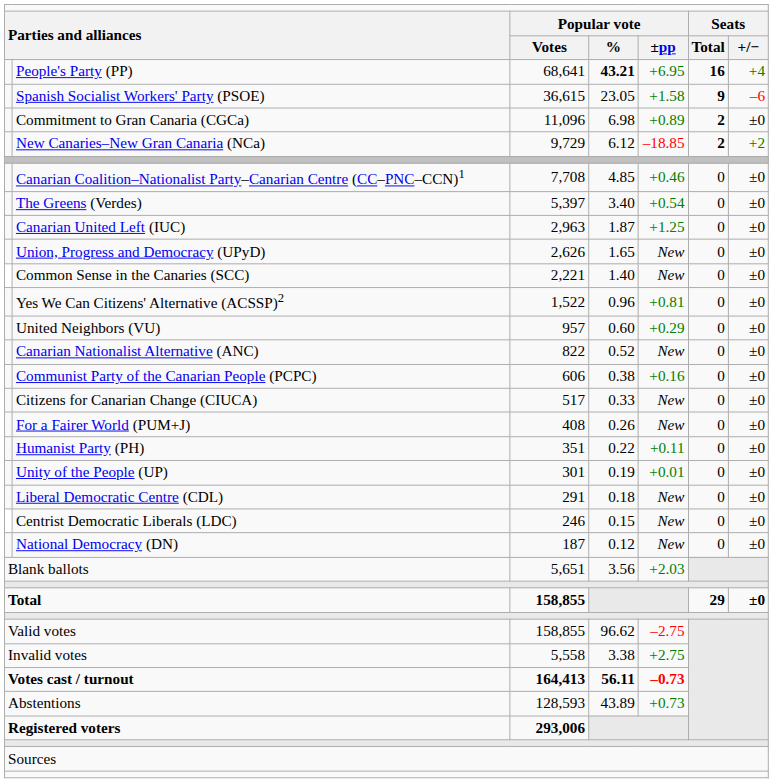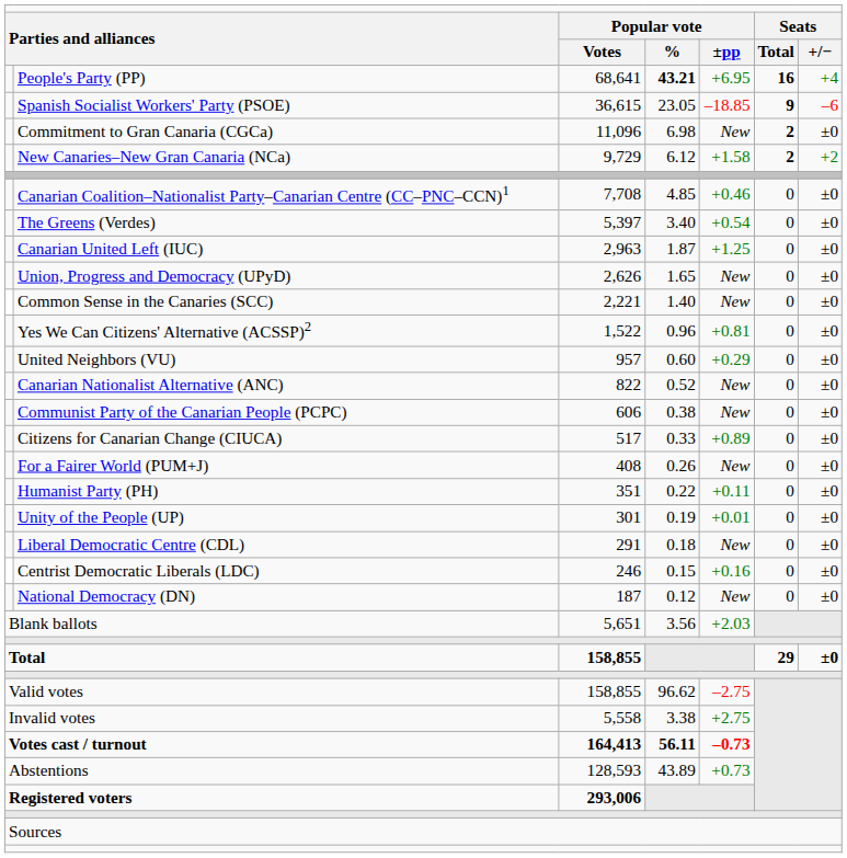 <table class="wikitable" style="text-align:right;">
 <tr>
 <td colspan="7"></td>
 </tr>
 <tr>
 <th style="text-align:left;" rowspan="2" colspan="2" width="525">Parties and alliances</th>
 <th colspan="3">Popular vote</th>
 <th colspan="2">Seats</th>
 </tr>
 <tr>
 <th width="75">Votes</th>
 <th width="45">%</th>
 <th width="45">±<a href='#'>pp</a></th>
 <th width="35">Total</th>
 <th width="35">+/−</th>
 </tr>
 <tr>
 <td width="1" style="color:inherit;background:"></td>
 <td align="left"><a href='#'>People's Party</a> (PP)</td>
 <td>68,641</td>
 <td><strong>43.21</strong></td>
 <td style="color:green;">+6.95</td>
 <td><strong>16</strong></td>
 <td style="color:green;">+4</td>
 </tr>
 <tr>
 <td style="color:inherit;background:"></td>
 <td align="left"><a href='#'>Spanish Socialist Workers' Party</a> (PSOE)</td>
 <td>36,615</td>
 <td>23.05</td>
-<td style="color:green;">+1.58</td>
+<td style="color:red;">–18.85</td>
 <td><strong>9</strong></td>
 <td style="color:red;">–6</td>
 </tr>
 <tr>
 <td style="color:inherit;background:"></td>
 <td align="left">Commitment to Gran Canaria (CGCa)</td>
 <td>11,096</td>
 <td>6.98</td>
-<td style="color:green;">+0.89</td>
+<td><em>New</em></td>
 <td><strong>2</strong></td>
 <td>±0</td>
 </tr>
 <tr>
 <td style="color:inherit;background:"></td>
 <td align="left"><a href='#'>New Canaries–New Gran Canaria</a> (NCa)</td>
 <td>9,729</td>
 <td>6.12</td>
-<td style="color:red;">–18.85</td>
+<td style="color:green;">+1.58</td>
 <td><strong>2</strong></td>
 <td style="color:green;">+2</td>
 </tr>
 <tr>
 <td colspan="7" bgcolor="#C0C0C0"></td>
 </tr>
 <tr>
 <td style="color:inherit;background:"></td>
 <td align="left"><a href='#'>Canarian Coalition–Nationalist Party</a>–<a href='#'>Canarian Centre</a> (<a href='#'>CC</a>–<a href='#'>PNC</a>–CCN)<sup>1</sup></td>
 <td>7,708</td>
 <td>4.85</td>
 <td style="color:green;">+0.46</td>
 <td>0</td>
 <td>±0</td>
 </tr>
 <tr>
 <td style="color:inherit;background:"></td>
 <td align="left"><a href='#'>The Greens</a> (Verdes)</td>
 <td>5,397</td>
 <td>3.40</td>
 <td style="color:green;">+0.54</td>
 <td>0</td>
 <td>±0</td>
 </tr>
 <tr>
 <td style="color:inherit;background:"></td>
 <td align="left"><a href='#'>Canarian United Left</a> (IUC)</td>
 <td>2,963</td>
 <td>1.87</td>
 <td style="color:green;">+1.25</td>
 <td>0</td>
 <td>±0</td>
 </tr>
 <tr>
 <td style="color:inherit;background:"></td>
 <td align="left"><a href='#'>Union, Progress and Democracy</a> (UPyD)</td>
 <td>2,626</td>
 <td>1.65</td>
 <td><em>New</em></td>
 <td>0</td>
 <td>±0</td>
 </tr>
 <tr>
 <td bgcolor="white"></td>
 <td align="left">Common Sense in the Canaries (SCC)</td>
 <td>2,221</td>
 <td>1.40</td>
 <td><em>New</em></td>
 <td>0</td>
 <td>±0</td>
 </tr>
 <tr>
 <td style="color:inherit;background:"></td>
 <td align="left">Yes We Can Citizens' Alternative (ACSSP)<sup>2</sup></td>
 <td>1,522</td>
 <td>0.96</td>
 <td style="color:green;">+0.81</td>
 <td>0</td>
 <td>±0</td>
 </tr>
 <tr>
 <td style="color:inherit;background:"></td>
 <td align="left">United Neighbors (VU)</td>
 <td>957</td>
 <td>0.60</td>
 <td style="color:green;">+0.29</td>
 <td>0</td>
 <td>±0</td>
 </tr>
 <tr>
 <td style="color:inherit;background:"></td>
 <td align="left"><a href='#'>Canarian Nationalist Alternative</a> (ANC)</td>
 <td>822</td>
 <td>0.52</td>
 <td><em>New</em></td>
 <td>0</td>
 <td>±0</td>
 </tr>
 <tr>
 <td style="color:inherit;background:"></td>
 <td align="left"><a href='#'>Communist Party of the Canarian People</a> (PCPC)</td>
 <td>606</td>
 <td>0.38</td>
-<td style="color:green;">+0.16</td>
+<td><em>New</em></td>
 <td>0</td>
 <td>±0</td>
 </tr>
 <tr>
 <td style="color:inherit;background:"></td>
 <td align="left">Citizens for Canarian Change (CIUCA)</td>
 <td>517</td>
 <td>0.33</td>
-<td><em>New</em></td>
+<td style="color:green;">+0.89</td>
 <td>0</td>
 <td>±0</td>
 </tr>
 <tr>
 <td style="color:inherit;background:"></td>
 <td align="left"><a href='#'>For a Fairer World</a> (PUM+J)</td>
 <td>408</td>
 <td>0.26</td>
 <td><em>New</em></td>
 <td>0</td>
 <td>±0</td>
 </tr>
 <tr>
 <td style="color:inherit;background:"></td>
 <td align="left"><a href='#'>Humanist Party</a> (PH)</td>
 <td>351</td>
 <td>0.22</td>
 <td style="color:green;">+0.11</td>
 <td>0</td>
 <td>±0</td>
 </tr>
 <tr>
 <td style="color:inherit;background:"></td>
 <td align="left"><a href='#'>Unity of the People</a> (UP)</td>
 <td>301</td>
 <td>0.19</td>
 <td style="color:green;">+0.01</td>
 <td>0</td>
 <td>±0</td>
 </tr>
 <tr>
 <td style="color:inherit;background:"></td>
 <td align="left"><a href='#'>Liberal Democratic Centre</a> (CDL)</td>
 <td>291</td>
 <td>0.18</td>
 <td><em>New</em></td>
 <td>0</td>
 <td>±0</td>
 </tr>
 <tr>
 <td bgcolor="white"></td>
 <td align="left">Centrist Democratic Liberals (LDC)</td>
 <td>246</td>
 <td>0.15</td>
-<td><em>New</em></td>
+<td style="color:green;">+0.16</td>
 <td>0</td>
 <td>±0</td>
 </tr>
 <tr>
 <td style="color:inherit;background:"></td>
 <td align="left"><a href='#'>National Democracy</a> (DN)</td>
 <td>187</td>
 <td>0.12</td>
 <td><em>New</em></td>
 <td>0</td>
 <td>±0</td>
 </tr>
 <tr>
 <td align="left" colspan="2">Blank ballots</td>
 <td>5,651</td>
 <td>3.56</td>
 <td style="color:green;">+2.03</td>
 <td bgcolor="#E9E9E9" colspan="2"></td>
 </tr>
 <tr>
 <td colspan="7" bgcolor="#E9E9E9"></td>
 </tr>
 <tr style="font-weight:bold;">
 <td align="left" colspan="2">Total</td>
 <td>158,855</td>
 <td bgcolor="#E9E9E9" colspan="2"></td>
 <td>29</td>
 <td>±0</td>
 </tr>
 <tr>
 <td colspan="7" bgcolor="#E9E9E9"></td>
 </tr>
 <tr>
 <td align="left" colspan="2">Valid votes</td>
 <td>158,855</td>
 <td>96.62</td>
 <td style="color:red;">–2.75</td>
 <td bgcolor="#E9E9E9" colspan="2" rowspan="5"></td>
 </tr>
 <tr>
 <td align="left" colspan="2">Invalid votes</td>
 <td>5,558</td>
 <td>3.38</td>
 <td style="color:green;">+2.75</td>
 </tr>
 <tr style="font-weight:bold;">
 <td align="left" colspan="2">Votes cast / turnout</td>
 <td>164,413</td>
 <td>56.11</td>
 <td style="color:red;">–0.73</td>
 </tr>
 <tr>
 <td align="left" colspan="2">Abstentions</td>
 <td>128,593</td>
 <td>43.89</td>
 <td style="color:green;">+0.73</td>
 </tr>
 <tr style="font-weight:bold;">
 <td align="left" colspan="2">Registered voters</td>
 <td>293,006</td>
 <td bgcolor="#E9E9E9" colspan="2"></td>
 </tr>
 <tr>
 <td colspan="7" bgcolor="#E9E9E9"></td>
 </tr>
 <tr>
 <td align="left" colspan="7">Sources</td>
 </tr>
 <tr>
 <td colspan="7" style="text-align:left; max-width:790px;"></td>
 </tr>
 </table>
